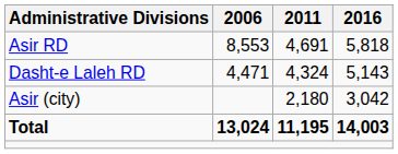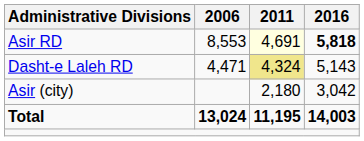 <table class="wikitable">
 <tr>
 <th>Administrative Divisions</th>
 <th>2006</th>
 <th>2011</th>
 <th>2016</th>
 </tr>
 <tr>
 <td><a href='#'>Asir RD</a></td>
 <td style="text-align: right;">8,553</td>
-<td style="text-align: right;">4,691</td>
-<td style="text-align: right;">5,818</td>
+<td style="background: lightyellow; text-align: right;">4,691</td>
+<td style="text-align: right;"><strong>5,818</strong></td>
 </tr>
 <tr>
 <td><a href='#'>Dasht-e Laleh RD</a></td>
 <td style="text-align: right;">4,471</td>
-<td style="text-align: right;">4,324</td>
+<td style="background: khaki; text-align: right;">4,324</td>
 <td style="text-align: right;">5,143</td>
 </tr>
 <tr>
 <td><a href='#'>Asir</a> (city)</td>
 <td style="text-align: right;"></td>
 <td style="text-align: right;">2,180</td>
 <td style="text-align: right;">3,042</td>
 </tr>
 <tr>
 <td><strong>Total</strong></td>
 <td style="text-align: right;"><strong>13,024</strong></td>
 <td style="text-align: right;"><strong>11,195</strong></td>
 <td style="text-align: right;"><strong>14,003</strong></td>
 </tr>
 <tr>
 <td colspan=4></td>
 </tr>
 </table>
